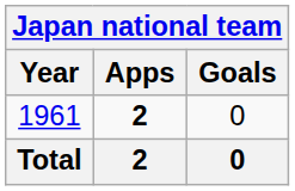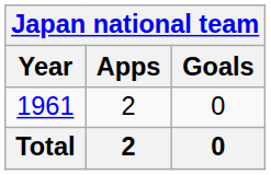 <table class="wikitable" style="text-align:center">
 <tr>
 <th colspan=3><a href='#'>Japan national team</a></th>
 </tr>
 <tr>
 <th>Year</th>
 <th>Apps</th>
 <th>Goals</th>
 </tr>
 <tr>
 <td><a href='#'>1961</a></td>
-<td><strong>2</strong></td>
+<td>2</td>
 <td>0</td>
 </tr>
 <tr>
 <th>Total</th>
 <th>2</th>
 <th>0</th>
 </tr>
 </table>
